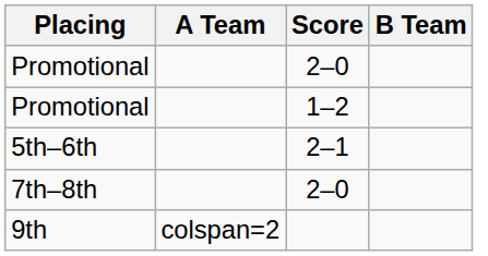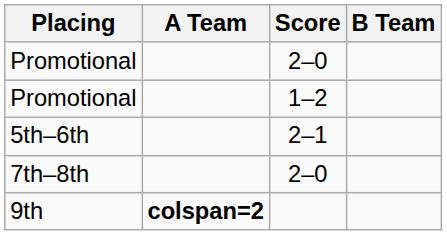 <table class=wikitable style="border:1px solid #AAAAAA;">
 <tr>
 <th>Placing</th>
 <th>A Team</th>
 <th>Score</th>
 <th>B Team</th>
 </tr>
 <tr>
 <td>Promotional</td>
 <td><strong></strong></td>
 <td align="center">2–0</td>
 <td></td>
 </tr>
 <tr>
 <td>Promotional</td>
 <td></td>
 <td align="center">1–2</td>
 <td><strong></strong></td>
 </tr>
 <tr>
 <td>5th–6th</td>
 <td><strong></strong></td>
 <td align="center">2–1</td>
 <td></td>
 </tr>
 <tr>
 <td>7th–8th</td>
 <td><strong></strong></td>
 <td align="center">2–0</td>
 <td></td>
 </tr>
 <tr>
 <td>9th</td>
-<td>colspan=2 </td>
+<td><strong>colspan=2 </strong></td>
 <td></td>
 </tr>
 </table>
